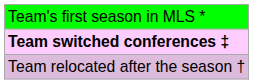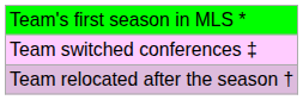 <table class="wikitable">
 <tr>
 <td style="background-color: #0F0;">Team's first season in MLS *</td>
 </tr>
 <tr>
-<td style="background-color: #FCF;"><strong>Team switched conferences ‡</strong></td>
+<td style="background-color: #FCF;">Team switched conferences ‡</td>
 </tr>
 <tr>
 <td style="background-color: #DBD;">Team relocated after the season †</td>
 </tr>
 </table>
